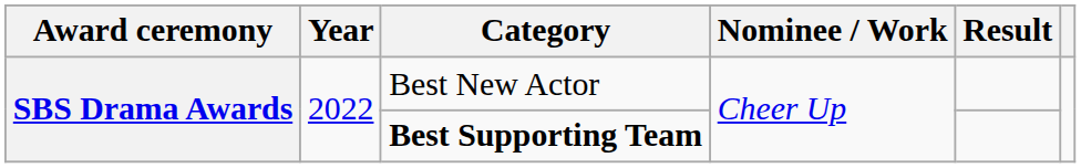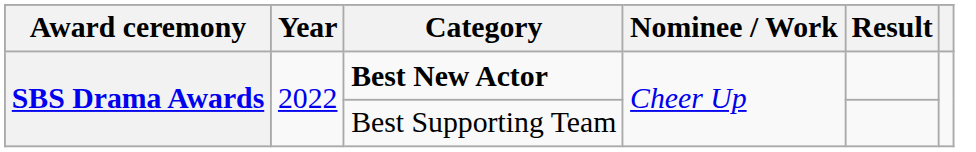 <table class="wikitable plainrowheaders sortable">
 <tr>
 <th scope="col">Award ceremony</th>
 <th scope="col">Year</th>
 <th scope="col">Category</th>
 <th scope="col">Nominee / Work</th>
 <th scope="col">Result</th>
 <th scope="col" class="unsortable"></th>
 </tr>
 <tr>
 <th scope="row"  rowspan="2"><a href='#'>SBS Drama Awards</a></th>
 <td rowspan="2" style="text-align:center"><a href='#'>2022</a></td>
-<td>Best New Actor</td>
+<td><strong>Best New Actor</strong></td>
 <td rowspan="2"><em><a href='#'>Cheer Up</a></em></td>
 <td></td>
 <td rowspan="2" style="text-align:center"></td>
 </tr>
 <tr>
-<td><strong>Best Supporting Team</strong></td>
+<td>Best Supporting Team</td>
 <td></td>
 </tr>
 </table>
